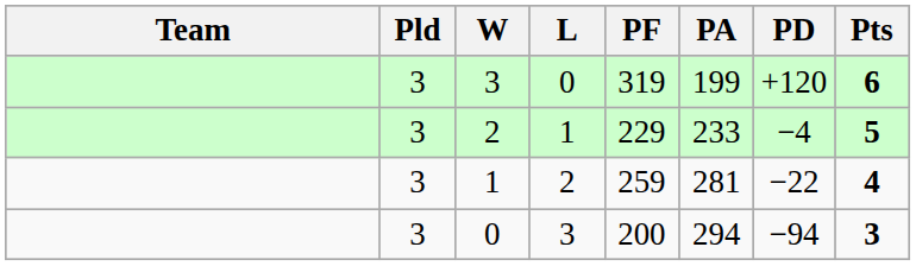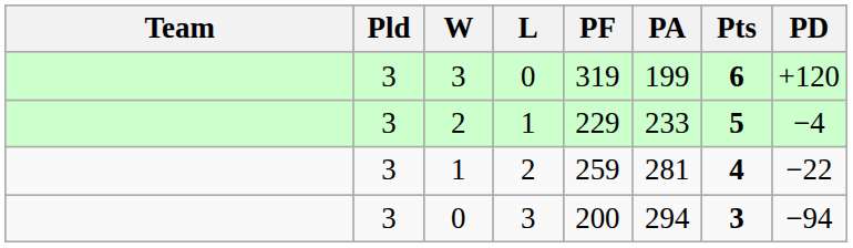 <table class=wikitable style="text-align:center">
 <tr>
 <th width=180>Team</th>
 <th width=30>Pld</th>
 <th width=30>W</th>
 <th width=30>L</th>
 <th width=30>PF</th>
 <th width=30>PA</th>
+<th width=30>Pts</th>
 <th width=30>PD</th>
-<th width=30>Pts</th>
 </tr>
 <tr bgcolor="#ccffcc">
 <td align="left"></td>
 <td>3</td>
 <td>3</td>
 <td>0</td>
 <td>319</td>
 <td>199</td>
+<td><strong>6</strong></td>
 <td>+120</td>
-<td><strong>6</strong></td>
 </tr>
 <tr bgcolor="#ccffcc">
 <td align="left"></td>
 <td>3</td>
 <td>2</td>
 <td>1</td>
 <td>229</td>
 <td>233</td>
+<td><strong>5</strong></td>
 <td>−4</td>
-<td><strong>5</strong></td>
 </tr>
 <tr>
 <td align="left"></td>
 <td>3</td>
 <td>1</td>
 <td>2</td>
 <td>259</td>
 <td>281</td>
+<td><strong>4</strong></td>
 <td>−22</td>
-<td><strong>4</strong></td>
 </tr>
 <tr>
 <td align="left"></td>
 <td>3</td>
 <td>0</td>
 <td>3</td>
 <td>200</td>
 <td>294</td>
+<td><strong>3</strong></td>
 <td>−94</td>
-<td><strong>3</strong></td>
 </tr>
 </table>
